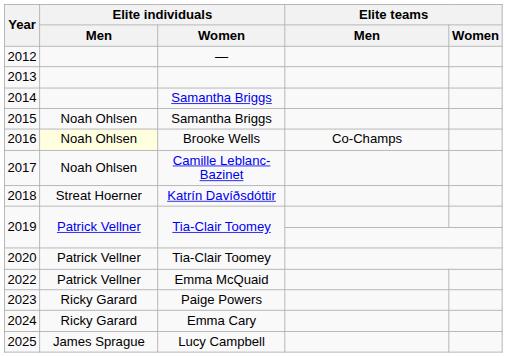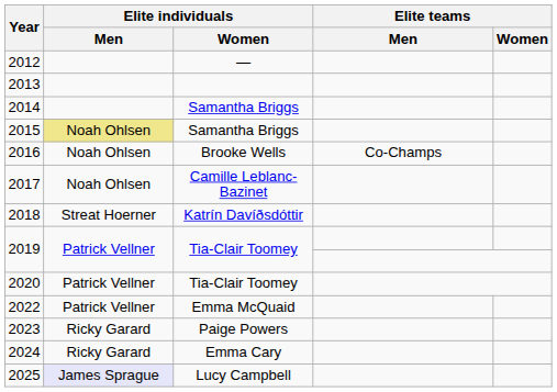 <table class="wikitable" style="text-align:center">
 <tr>
 <th rowspan="2">Year</th>
 <th colspan="2">Elite individuals</th>
 <th colspan="2">Elite teams</th>
 </tr>
 <tr>
 <th style="width:12em;">Men</th>
 <th style="width:12em;">Women</th>
 <th style="width:18em;">Men</th>
 <th>Women</th>
 </tr>
 <tr>
 <td>2012</td>
 <td></td>
 <td>—</td>
 <td></td>
 <td></td>
 </tr>
 <tr>
 <td>2013</td>
 <td></td>
 <td></td>
 <td></td>
 <td></td>
 </tr>
 <tr>
 <td>2014</td>
 <td></td>
 <td><a href='#'>Samantha Briggs</a></td>
 <td></td>
 <td></td>
 </tr>
 <tr>
 <td>2015</td>
-<td>Noah Ohlsen</td>
+<td style="background: khaki;">Noah Ohlsen</td>
 <td>Samantha Briggs</td>
 <td><br></td>
 <td></td>
 </tr>
 <tr>
 <td>2016</td>
-<td style="background: lightyellow;">Noah Ohlsen</td>
+<td>Noah Ohlsen</td>
 <td>Brooke Wells</td>
 <td>Co-Champs<br></td>
 <td><br></td>
 </tr>
 <tr>
 <td>2017</td>
 <td>Noah Ohlsen</td>
 <td><a href='#'>Camille Leblanc-Bazinet</a></td>
 <td><br></td>
 <td><br></td>
 </tr>
 <tr>
 <td>2018</td>
 <td>Streat Hoerner</td>
 <td><a href='#'>Katrín Davíðsdóttir</a></td>
 <td><br></td>
 <td><br></td>
 </tr>
 <tr>
 <td rowspan="2">2019</td>
 <td rowspan="2"><a href='#'>Patrick Vellner</a></td>
 <td rowspan="2"><a href='#'>Tia-Clair Toomey</a></td>
 <td><br></td>
 <td><br></td>
 </tr>
 <tr>
 <td colspan="2"><br></td>
 </tr>
 <tr>
 <td>2020</td>
 <td>Patrick Vellner</td>
 <td>Tia-Clair Toomey</td>
 <td colspan="2"><br></td>
 </tr>
 <tr>
 <td>2022</td>
 <td>Patrick Vellner</td>
 <td>Emma McQuaid</td>
 <td><br></td>
 <td><br></td>
 </tr>
 <tr>
 <td>2023</td>
 <td>Ricky Garard</td>
 <td>Paige Powers</td>
 <td><br></td>
 <td><br></td>
 </tr>
 <tr>
 <td>2024</td>
 <td>Ricky Garard</td>
 <td>Emma Cary</td>
 <td><br></td>
 <td><br></td>
 </tr>
 <tr>
 <td>2025</td>
-<td>James Sprague</td>
+<td style="background: lavender;">James Sprague</td>
 <td>Lucy Campbell</td>
 <td><br></td>
 <td><br></td>
 </tr>
 </table>
